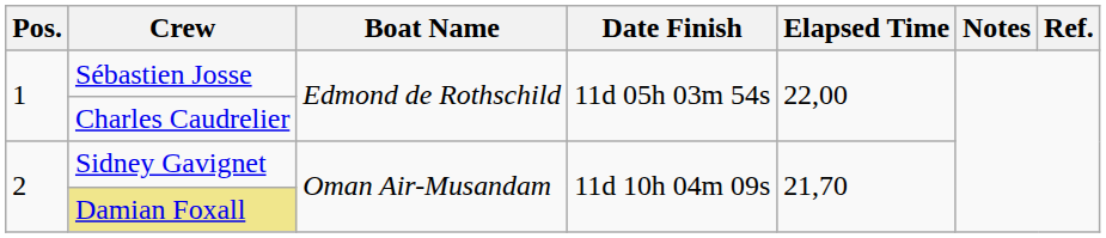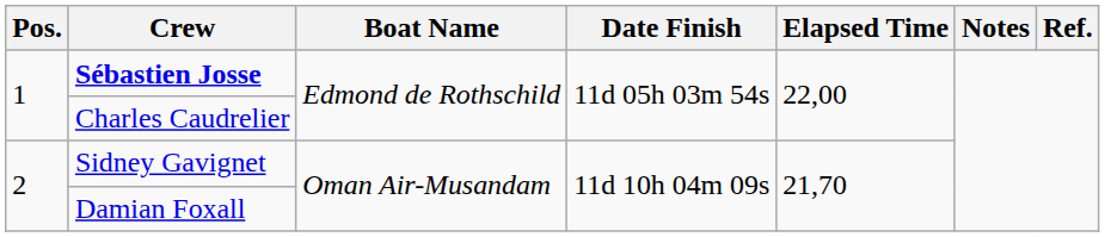 <table class="wikitable sortable">
 <tr>
 <th>Pos.</th>
 <th>Crew</th>
 <th>Boat Name</th>
 <th>Date Finish</th>
 <th>Elapsed Time</th>
 <th>Notes</th>
 <th>Ref.</th>
 </tr>
 <tr>
 <td rowspan=2>1</td>
-<td><a href='#'>Sébastien Josse</a> </td>
+<td><strong><a href='#'>Sébastien Josse</a> </strong></td>
 <td rowspan=2><em>Edmond de Rothschild</em></td>
 <td rowspan=2>11d 05h 03m 54s</td>
 <td rowspan=2>22,00</td>
 </tr>
 <tr>
 <td><a href='#'>Charles Caudrelier</a> </td>
 </tr>
 <tr>
 <td rowspan=2>2</td>
 <td><a href='#'>Sidney Gavignet</a> </td>
 <td rowspan=2><em>Oman Air-Musandam</em></td>
 <td rowspan=2>11d 10h 04m 09s</td>
 <td rowspan=2>21,70</td>
 </tr>
 <tr>
-<td style="background: khaki;"><a href='#'>Damian Foxall</a> </td>
+<td><a href='#'>Damian Foxall</a> </td>
 </tr>
 </table>
